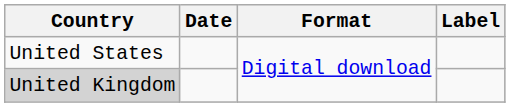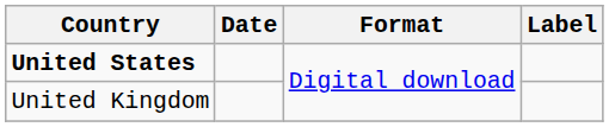 <table class="wikitable">
 <tr>
 <th>Country</th>
 <th>Date</th>
 <th>Format</th>
 <th>Label</th>
 </tr>
 <tr>
-<td>United States</td>
+<td><strong>United States</strong></td>
 <td></td>
 <td rowspan=2><a href='#'>Digital download</a></td>
 <td></td>
 </tr>
 <tr>
-<td style="background: lightgrey;">United Kingdom</td>
+<td>United Kingdom</td>
 <td></td>
 <td></td>
 </tr>
 </table>
